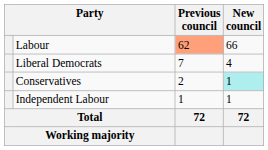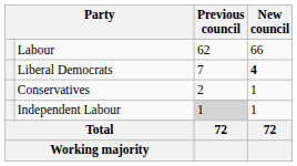 <table class="wikitable">
 <tr>
 <th valign=top colspan="2" style="width: 230px">Party</th>
 <th valign=top style="width: 30px">Previous council</th>
 <th valign=top style="width: 30px">New council</th>
 </tr>
 <tr>
 <th style="background-color: "></th>
 <td>Labour</td>
-<td style="background: lightsalmon;">62</td>
+<td>62</td>
 <td>66</td>
 </tr>
 <tr>
 <th style="background-color: "></th>
 <td>Liberal Democrats</td>
 <td>7</td>
-<td>4</td>
+<td><strong>4</strong></td>
 </tr>
 <tr>
 <th style="background-color: "></th>
 <td>Conservatives</td>
 <td>2</td>
-<td style="background: paleturquoise;">1</td>
+<td>1</td>
 </tr>
 <tr>
 <th style="background-color: "></th>
 <td>Independent Labour</td>
-<td>1</td>
+<td style="background: lightgrey;">1</td>
 <td>1</td>
 </tr>
 <tr>
 <th colspan=2>Total</th>
 <th style="text-align: center">72</th>
 <th colspan=3>72</th>
 </tr>
 <tr>
 <th colspan=2>Working majority</th>
 <th></th>
 <th></th>
 </tr>
 </table>
